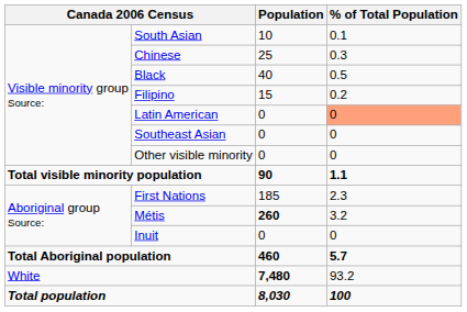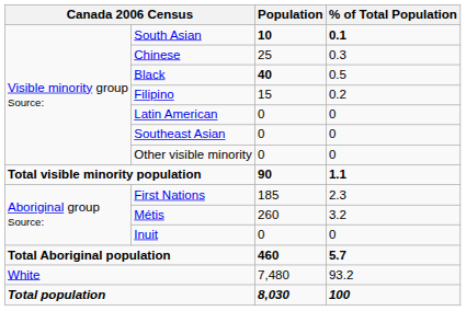 <table class="wikitable">
 <tr>
 <th colspan=2>Canada 2006 Census</th>
 <th>Population</th>
 <th>% of Total Population</th>
 </tr>
 <tr>
 <td rowspan=7><a href='#'>Visible minority</a> group<br><small>Source:</small></td>
 <td><a href='#'>South Asian</a></td>
-<td>10</td>
-<td>0.1</td>
+<td><strong>10</strong></td>
+<td><strong>0.1</strong></td>
 </tr>
 <tr>
 <td><a href='#'>Chinese</a></td>
 <td>25</td>
 <td>0.3</td>
 </tr>
 <tr>
 <td><a href='#'>Black</a></td>
-<td>40</td>
+<td><strong>40</strong></td>
 <td>0.5</td>
 </tr>
 <tr>
 <td><a href='#'>Filipino</a></td>
 <td>15</td>
 <td>0.2</td>
 </tr>
 <tr>
 <td><a href='#'>Latin American</a></td>
 <td>0</td>
-<td style="background: lightsalmon;">0</td>
+<td>0</td>
 </tr>
 <tr>
 <td><a href='#'>Southeast Asian</a></td>
 <td>0</td>
 <td>0</td>
 </tr>
 <tr>
 <td>Other visible minority</td>
 <td>0</td>
 <td>0</td>
 </tr>
 <tr>
 <td colspan=2><strong>Total visible minority population</strong></td>
 <td><strong>90</strong></td>
 <td><strong>1.1</strong></td>
 </tr>
 <tr>
 <td rowspan=3><a href='#'>Aboriginal</a> group<br><small>Source:</small></td>
 <td><a href='#'>First Nations</a></td>
 <td>185</td>
 <td>2.3</td>
 </tr>
 <tr>
 <td><a href='#'>Métis</a></td>
-<td><strong>260</strong></td>
+<td>260</td>
 <td>3.2</td>
 </tr>
 <tr>
 <td><a href='#'>Inuit</a></td>
 <td>0</td>
 <td>0</td>
 </tr>
 <tr>
 <td colspan=2><strong>Total Aboriginal population</strong></td>
 <td><strong>460</strong></td>
 <td><strong>5.7</strong></td>
 </tr>
 <tr>
 <td colspan=2><a href='#'>White</a></td>
-<td><strong>7,480</strong></td>
+<td>7,480</td>
 <td>93.2</td>
 </tr>
 <tr>
 <td colspan=2><strong><em>Total population</em></strong></td>
 <td><strong><em>8,030</em></strong></td>
 <td><strong><em>100</em></strong></td>
 </tr>
 </table>
